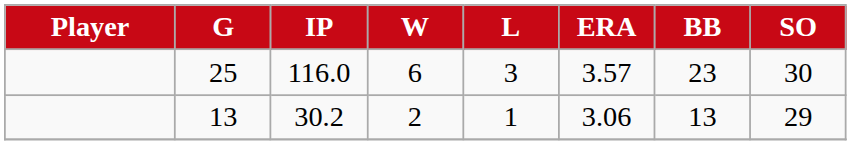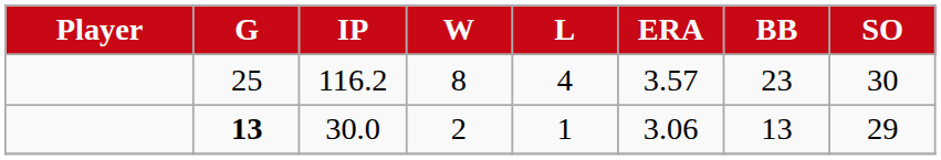 <table class="wikitable sortable">
 <tr>
 <th style="background:#C80815;color:#FFFFFF;" width="16%">Player</th>
 <th style="background:#C80815;color:#FFFFFF;" width="9%">G</th>
 <th style="background:#C80815;color:#FFFFFF;" width="9%">IP</th>
 <th style="background:#C80815;color:#FFFFFF;" width="9%">W</th>
 <th style="background:#C80815;color:#FFFFFF;" width="9%">L</th>
 <th style="background:#C80815;color:#FFFFFF;" width="9%">ERA</th>
 <th style="background:#C80815;color:#FFFFFF;" width="9%">BB</th>
 <th style="background:#C80815;color:#FFFFFF;" width="9%">SO</th>
 </tr>
 <tr align="center">
 <td></td>
 <td>25</td>
-<td>116.0</td>
-<td>6</td>
-<td>3</td>
+<td>116.2</td>
+<td>8</td>
+<td>4</td>
 <td>3.57</td>
 <td>23</td>
 <td>30</td>
 </tr>
 <tr align="center">
 <td></td>
-<td>13</td>
-<td>30.2</td>
+<td><strong>13</strong></td>
+<td>30.0</td>
 <td>2</td>
 <td>1</td>
 <td>3.06</td>
 <td>13</td>
 <td>29</td>
 </tr>
 <tr align="center">
 </tr>
 </table>
